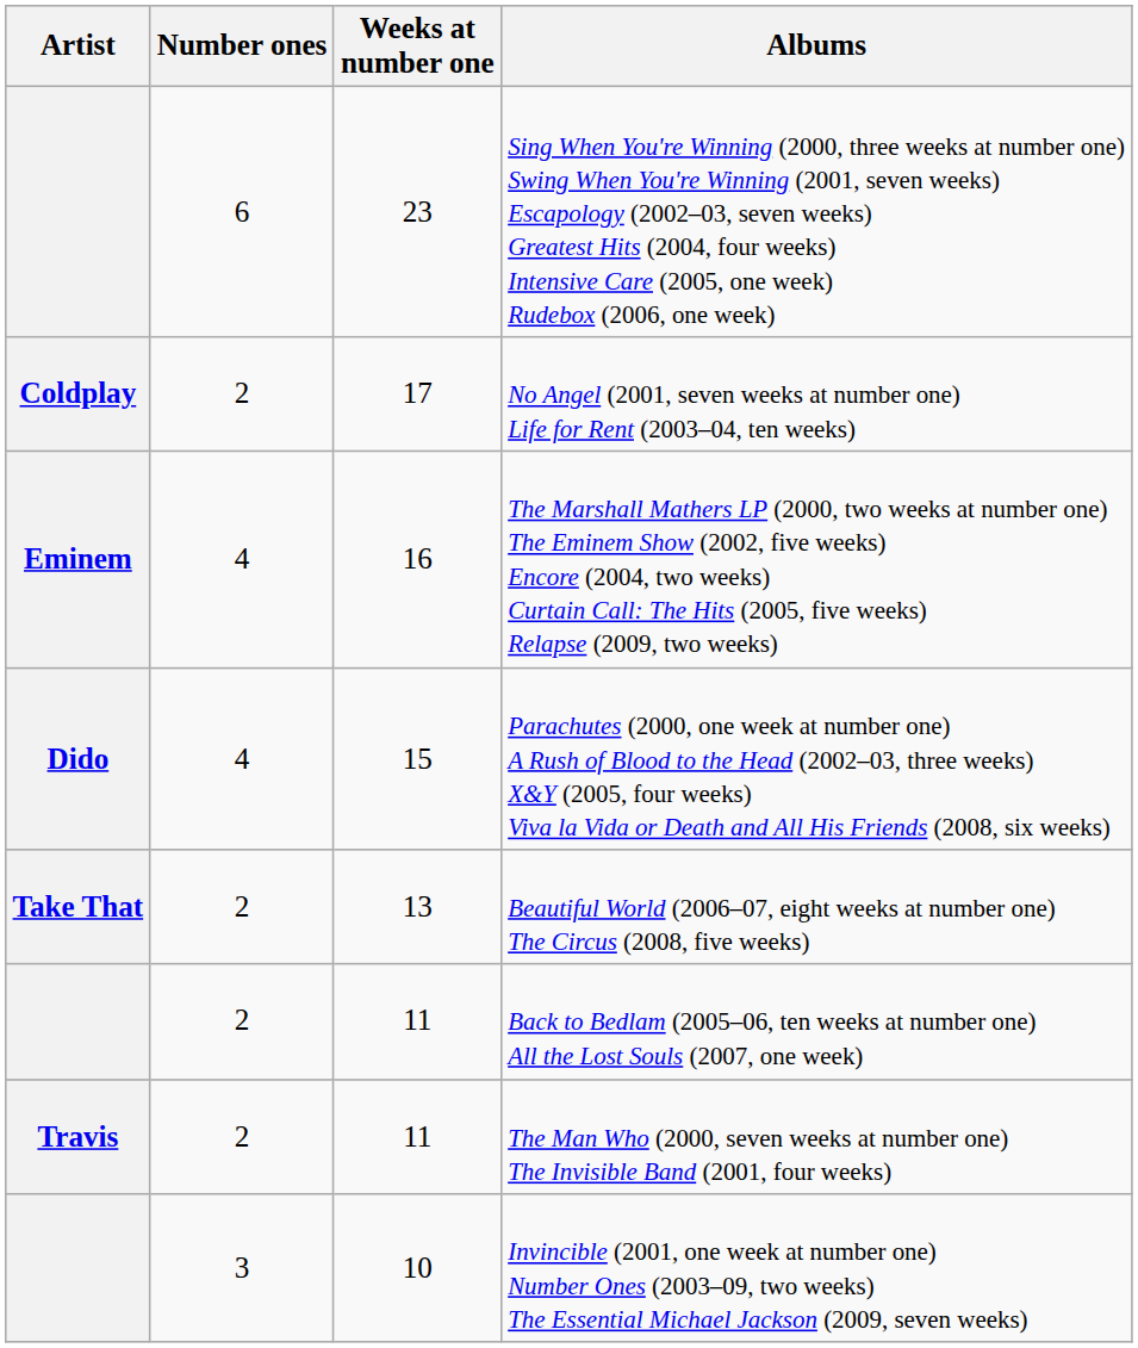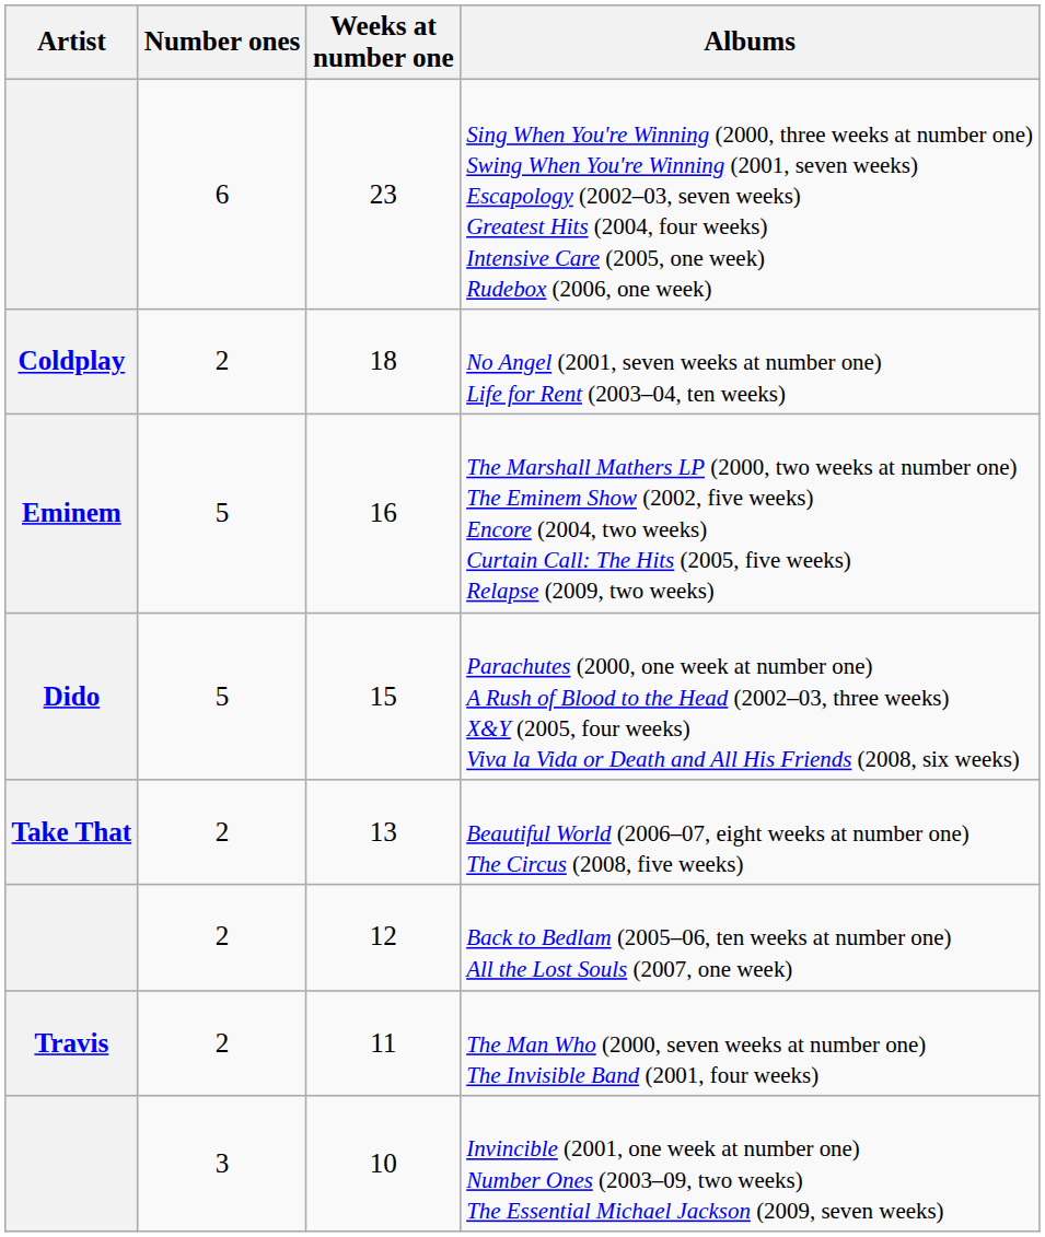 <table class="wikitable plainrowheaders sortable">
 <tr>
 <th scope=col>Artist</th>
 <th scope=col>Number ones</th>
 <th scope=col>Weeks at<br>number one</th>
 <th scope=col class=unsortable>Albums</th>
 </tr>
 <tr>
 <th scope=row></th>
 <td align=center>6</td>
 <td align=center>23</td>
 <td><br><small><em><a href='#'>Sing When You're Winning</a></em> (2000, three weeks at number one)</small><br> <small><em><a href='#'>Swing When You're Winning</a></em> (2001, seven weeks)</small><br> <small><em><a href='#'>Escapology</a></em> (2002–03, seven weeks)</small><br> <small><em><a href='#'>Greatest Hits</a></em> (2004, four weeks)</small><br> <small><em><a href='#'>Intensive Care</a></em> (2005, one week)</small><br> <small><em><a href='#'>Rudebox</a></em> (2006, one week)</small><br></td>
 </tr>
 <tr>
 <th scope=row><a href='#'>Coldplay</a></th>
 <td align=center>2</td>
-<td align=center>17</td>
+<td align=center>18</td>
 <td><br><small><em><a href='#'>No Angel</a></em> (2001, seven weeks at number one)</small><br> <small><em><a href='#'>Life for Rent</a></em> (2003–04, ten weeks)</small><br></td>
 </tr>
 <tr>
 <th scope=row><a href='#'>Eminem</a></th>
-<td align=center>4</td>
+<td align=center>5</td>
 <td align=center>16</td>
 <td><br><small><em><a href='#'>The Marshall Mathers LP</a></em> (2000, two weeks at number one)</small><br> <small><em><a href='#'>The Eminem Show</a></em> (2002, five weeks)</small><br> <small><em><a href='#'>Encore</a></em> (2004, two weeks)</small><br> <small><em><a href='#'>Curtain Call: The Hits</a></em> (2005, five weeks)</small><br> <small><em><a href='#'>Relapse</a></em> (2009, two weeks)</small><br></td>
 </tr>
 <tr>
 <th scope=row><a href='#'>Dido</a></th>
-<td align=center>4</td>
+<td align=center>5</td>
 <td align=center>15</td>
 <td><br><small><em><a href='#'>Parachutes</a></em> (2000, one week at number one)</small><br> <small><em><a href='#'>A Rush of Blood to the Head</a></em> (2002–03, three weeks)</small><br> <small><em><a href='#'>X&Y</a></em> (2005, four weeks)</small><br> <small><em><a href='#'>Viva la Vida or Death and All His Friends</a></em> (2008, six weeks)</small><br></td>
 </tr>
 <tr>
 <th scope=row><a href='#'>Take That</a></th>
 <td align=center>2</td>
 <td align=center>13</td>
 <td><br><small><em><a href='#'>Beautiful World</a></em> (2006–07, eight weeks at number one)</small><br> <small><em><a href='#'>The Circus</a></em> (2008, five weeks)</small><br></td>
 </tr>
 <tr>
 <th scope=row></th>
 <td align=center>2</td>
-<td align=center>11</td>
+<td align=center>12</td>
 <td><br><small><em><a href='#'>Back to Bedlam</a></em> (2005–06, ten weeks at number one)</small><br> <small><em><a href='#'>All the Lost Souls</a></em> (2007, one week)</small><br></td>
 </tr>
 <tr>
 <th scope=row><a href='#'>Travis</a></th>
 <td align=center>2</td>
 <td align=center>11</td>
 <td><br><small><em><a href='#'>The Man Who</a></em> (2000, seven weeks at number one)</small><br> <small><em><a href='#'>The Invisible Band</a></em> (2001, four weeks)</small><br></td>
 </tr>
 <tr>
 <th scope=row></th>
 <td align=center>3</td>
 <td align=center>10</td>
 <td><br><small><em><a href='#'>Invincible</a></em> (2001, one week at number one)</small><br> <small><em><a href='#'>Number Ones</a></em> (2003–09, two weeks)</small><br> <small><em><a href='#'>The Essential Michael Jackson</a></em> (2009, seven weeks)</small><br></td>
 </tr>
 </table>
